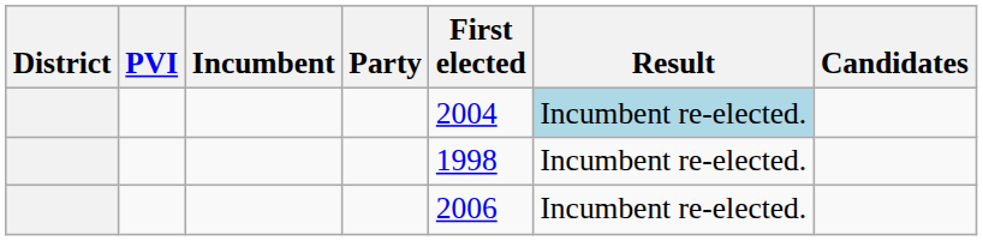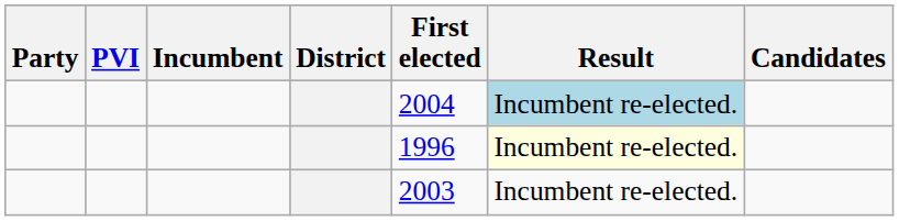 <table class="wikitable sortable">
 <tr valign=bottom>
-<th>District</th>
+<th>Party</th>
 <th><a href='#'>PVI</a></th>
 <th>Incumbent</th>
-<th>Party</th>
+<th>District</th>
 <th>First<br>elected</th>
 <th>Result</th>
 <th>Candidates</th>
 </tr>
 <tr>
-<th></th>
 <td></td>
 <td></td>
 <td></td>
+<th></th>
 <td><a href='#'>2004</a></td>
 <td style="background: lightblue;">Incumbent re-elected.</td>
 <td nowrap></td>
 </tr>
 <tr>
-<th></th>
 <td></td>
 <td></td>
 <td></td>
-<td><a href='#'>1998</a></td>
-<td>Incumbent re-elected.</td>
+<th></th>
+<td><a href='#'>1996</a></td>
+<td style="background: lightyellow;">Incumbent re-elected.</td>
 <td nowrap></td>
 </tr>
 <tr>
-<th></th>
 <td></td>
 <td></td>
 <td></td>
-<td><a href='#'>2006</a></td>
+<th></th>
+<td><a href='#'>2003</a></td>
 <td>Incumbent re-elected.</td>
 <td nowrap></td>
 </tr>
 </table>
